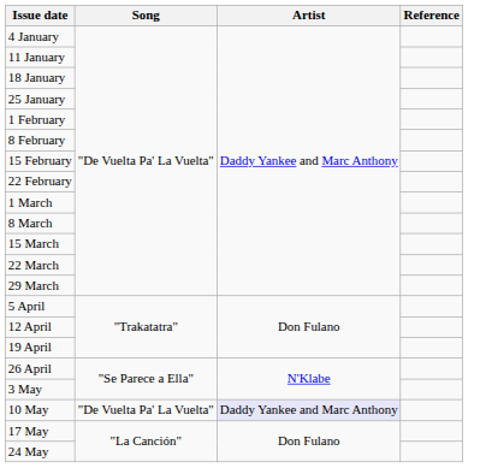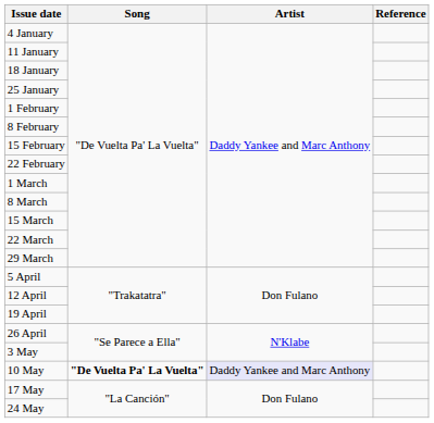 <table class="wikitable">
 <tr>
 <th>Issue date</th>
 <th>Song</th>
 <th>Artist</th>
 <th>Reference</th>
 </tr>
 <tr>
 <td>4 January</td>
 <td align="center" rowspan="13">"De Vuelta Pa' La Vuelta"</td>
 <td align="center" rowspan="13"><a href='#'>Daddy Yankee</a> and <a href='#'>Marc Anthony</a></td>
 <td align="center"></td>
 </tr>
 <tr>
 <td>11 January</td>
 <td align="center"></td>
 </tr>
 <tr>
 <td>18 January</td>
 <td align="center"></td>
 </tr>
 <tr>
 <td>25 January</td>
 <td align="center"></td>
 </tr>
 <tr>
 <td>1 February</td>
 <td align="center"></td>
 </tr>
 <tr>
 <td>8 February</td>
 <td align="center"></td>
 </tr>
 <tr>
 <td>15 February</td>
 <td align="center"></td>
 </tr>
 <tr>
 <td>22 February</td>
 <td align="center"></td>
 </tr>
 <tr>
 <td>1 March</td>
 <td align="center"></td>
 </tr>
 <tr>
 <td>8 March</td>
 <td align="center"></td>
 </tr>
 <tr>
 <td>15 March</td>
 <td align="center"></td>
 </tr>
 <tr>
 <td>22 March</td>
 <td align="center"></td>
 </tr>
 <tr>
 <td>29 March</td>
 <td align="center"></td>
 </tr>
 <tr>
 <td>5 April</td>
 <td align="center" rowspan="3">"Trakatatra"</td>
 <td align="center" rowspan="3">Don Fulano</td>
 <td align="center"></td>
 </tr>
 <tr>
 <td>12 April</td>
 <td align="center"></td>
 </tr>
 <tr>
 <td>19 April</td>
 <td align="center"></td>
 </tr>
 <tr>
 <td>26 April</td>
 <td align="center" rowspan="2">"Se Parece a Ella"</td>
 <td align="center" rowspan="2"><a href='#'>N'Klabe</a></td>
 <td align="center"></td>
 </tr>
 <tr>
 <td>3 May</td>
 <td align="center"></td>
 </tr>
 <tr>
 <td>10 May</td>
-<td align="center">"De Vuelta Pa' La Vuelta"</td>
+<td align="center"><strong>"De Vuelta Pa' La Vuelta"</strong></td>
 <td align="center" style="background: lavender;">Daddy Yankee and Marc Anthony</td>
 <td align="center"></td>
 </tr>
 <tr>
 <td>17 May</td>
 <td align="center" rowspan="2">"La Canción"</td>
 <td align="center" rowspan="2">Don Fulano</td>
 <td align="center"></td>
 </tr>
 <tr>
 <td>24 May</td>
 <td align="center"></td>
 </tr>
 </table>
